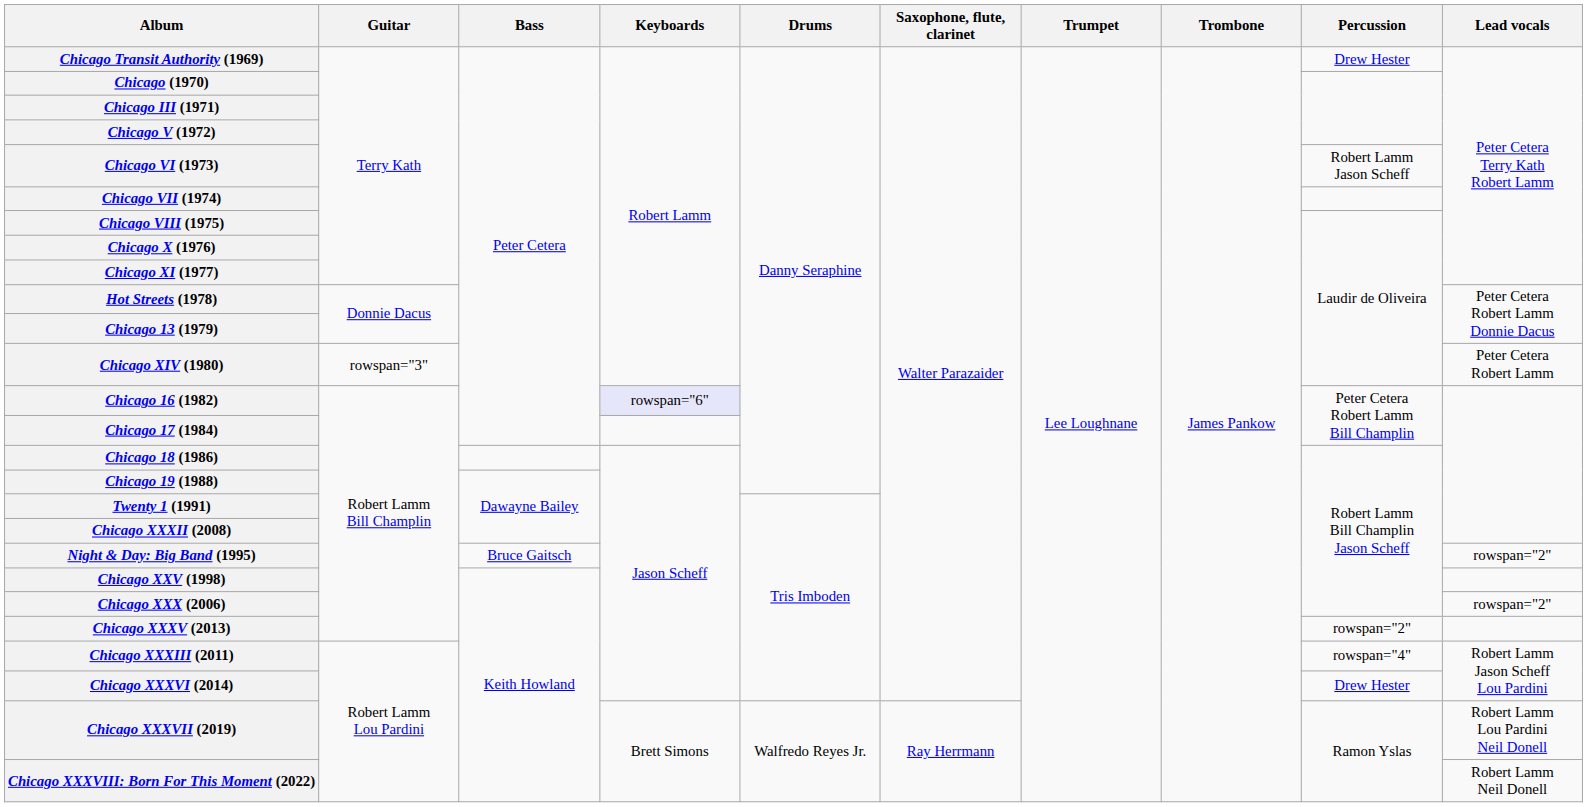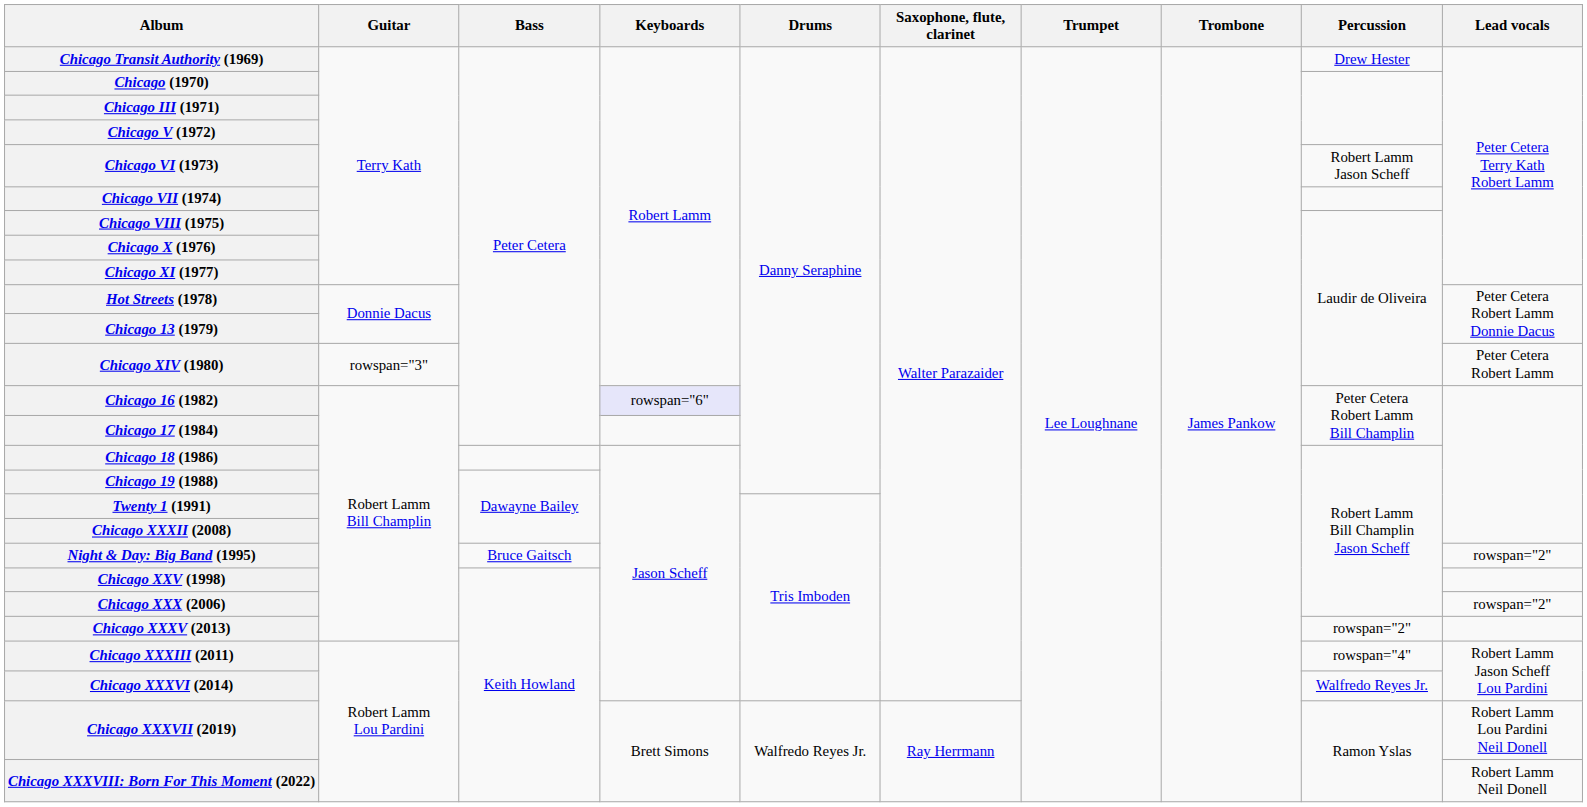 <table class="wikitable plainrowheaders" style="text-align:center; font-size:90%;">
 <tr>
 <th scope="col">Album</th>
 <th scope="col" style="width:9em;">Guitar</th>
 <th scope="col" style="width:9em;">Bass</th>
 <th scope="col" style="width:9em;">Keyboards</th>
 <th scope="col" style="width:9em;">Drums</th>
 <th scope="col" style="width:9em;">Saxophone, flute, clarinet</th>
 <th scope="col" style="width:9em;">Trumpet</th>
 <th scope="col" style="width:9em;">Trombone</th>
 <th scope="col" style="width:9em;">Percussion</th>
 <th scope="col" style="width:9em;">Lead vocals</th>
 </tr>
 <tr>
 <th scope="row"><em><a href='#'>Chicago Transit Authority</a></em> (1969)</th>
 <td rowspan="9"><a href='#'>Terry Kath</a></td>
 <td rowspan="14"><a href='#'>Peter Cetera</a></td>
 <td rowspan="12"><a href='#'>Robert Lamm</a></td>
 <td rowspan="16"><a href='#'>Danny Seraphine</a></td>
 <td rowspan="24"><a href='#'>Walter Parazaider</a></td>
 <td rowspan="26"><a href='#'>Lee Loughnane</a></td>
 <td rowspan="26"><a href='#'>James Pankow</a></td>
 <td><a href='#'>Drew Hester</a></td>
 <td rowspan="9"><a href='#'>Peter Cetera</a><br><a href='#'>Terry Kath</a><br><a href='#'>Robert Lamm</a></td>
 </tr>
 <tr>
 <th scope="row"><em><a href='#'>Chicago</a></em> (1970)</th>
 </tr>
 <tr>
 <th scope="row"><em><a href='#'>Chicago III</a></em> (1971)</th>
 </tr>
 <tr>
 <th scope="row"><em><a href='#'>Chicago V</a></em> (1972)</th>
 </tr>
 <tr>
 <th scope="row"><em><a href='#'>Chicago VI</a></em> (1973)</th>
 <td>Robert Lamm<br>Jason Scheff</td>
 </tr>
 <tr>
 <th scope="row"><em><a href='#'>Chicago VII</a></em> (1974)</th>
 </tr>
 <tr>
 <th scope="row"><em><a href='#'>Chicago VIII</a></em> (1975)</th>
 <td rowspan="6">Laudir de Oliveira</td>
 </tr>
 <tr>
 <th scope="row"><em><a href='#'>Chicago X</a></em> (1976)</th>
 </tr>
 <tr>
 <th scope="row"><em><a href='#'>Chicago XI</a></em> (1977)</th>
 </tr>
 <tr>
 <th scope="row"><em><a href='#'>Hot Streets</a></em> (1978)</th>
 <td rowspan="2"><a href='#'>Donnie Dacus</a></td>
 <td rowspan="2">Peter Cetera<br>Robert Lamm<br><a href='#'>Donnie Dacus</a></td>
 </tr>
 <tr>
 <th scope="row"><em><a href='#'>Chicago 13</a></em> (1979)</th>
 </tr>
 <tr>
 <th scope="row"><em><a href='#'>Chicago XIV</a></em> (1980)</th>
 <td>rowspan="3" </td>
 <td>Peter Cetera<br>Robert Lamm</td>
 </tr>
 <tr>
 <th scope="row"><em><a href='#'>Chicago 16</a></em> (1982)</th>
 <td rowspan="10">Robert Lamm<br><a href='#'>Bill Champlin</a></td>
 <td style="background: lavender;">rowspan="6" </td>
 <td rowspan="2">Peter Cetera<br>Robert Lamm<br><a href='#'>Bill Champlin</a></td>
 </tr>
 <tr>
 <th scope="row"><em><a href='#'>Chicago 17</a></em> (1984)</th>
 </tr>
 <tr>
 <th scope="row"><em><a href='#'>Chicago 18</a></em> (1986)</th>
 <td></td>
 <td rowspan="10"><a href='#'>Jason Scheff</a></td>
 <td rowspan="7">Robert Lamm<br>Bill Champlin<br><a href='#'>Jason Scheff</a></td>
 </tr>
 <tr>
 <th scope="row"><em><a href='#'>Chicago 19</a></em> (1988)</th>
 <td rowspan="3"><a href='#'>Dawayne Bailey</a></td>
 </tr>
 <tr>
 <th scope="row"><em><a href='#'>Twenty 1</a></em> (1991)</th>
 <td rowspan="8"><a href='#'>Tris Imboden</a></td>
 </tr>
 <tr>
 <th scope="row"><em><a href='#'>Chicago XXXII</a></em> (2008)</th>
 </tr>
 <tr>
 <th scope="row"><em><a href='#'>Night & Day: Big Band</a></em> (1995)</th>
 <td><a href='#'>Bruce Gaitsch</a></td>
 <td>rowspan="2" </td>
 </tr>
 <tr>
 <th scope="row"><em><a href='#'>Chicago XXV</a></em> (1998)</th>
 <td rowspan="7"><a href='#'>Keith Howland</a></td>
 </tr>
 <tr>
 <th scope="row"><em><a href='#'>Chicago XXX</a></em> (2006)</th>
 <td>rowspan="2" </td>
 </tr>
 <tr>
 <th scope="row"><em><a href='#'>Chicago XXXV</a></em> (2013)</th>
 <td>rowspan="2" </td>
 </tr>
 <tr>
 <th scope="row"><em><a href='#'>Chicago XXXIII</a></em> (2011)</th>
 <td rowspan="4">Robert Lamm<br><a href='#'>Lou Pardini</a></td>
 <td>rowspan="4" </td>
 <td rowspan="2">Robert Lamm<br>Jason Scheff<br><a href='#'>Lou Pardini</a></td>
 </tr>
 <tr>
 <th scope="row"><em><a href='#'>Chicago XXXVI</a></em> (2014)</th>
-<td><a href='#'>Drew Hester</a></td>
+<td><a href='#'>Walfredo Reyes Jr.</a></td>
 </tr>
 <tr>
 <th scope="row"><em><a href='#'>Chicago XXXVII</a></em> (2019)</th>
 <td rowspan="2">Brett Simons</td>
 <td rowspan="2">Walfredo Reyes Jr.</td>
 <td rowspan="2"><a href='#'>Ray Herrmann</a></td>
 <td rowspan="2">Ramon Yslas</td>
 <td>Robert Lamm<br>Lou Pardini<br><a href='#'>Neil Donell</a></td>
 </tr>
 <tr>
 <th scope="row"><em><a href='#'>Chicago XXXVIII: Born For This Moment</a></em> (2022)</th>
 <td>Robert Lamm<br>Neil Donell</td>
 </tr>
 </table>
